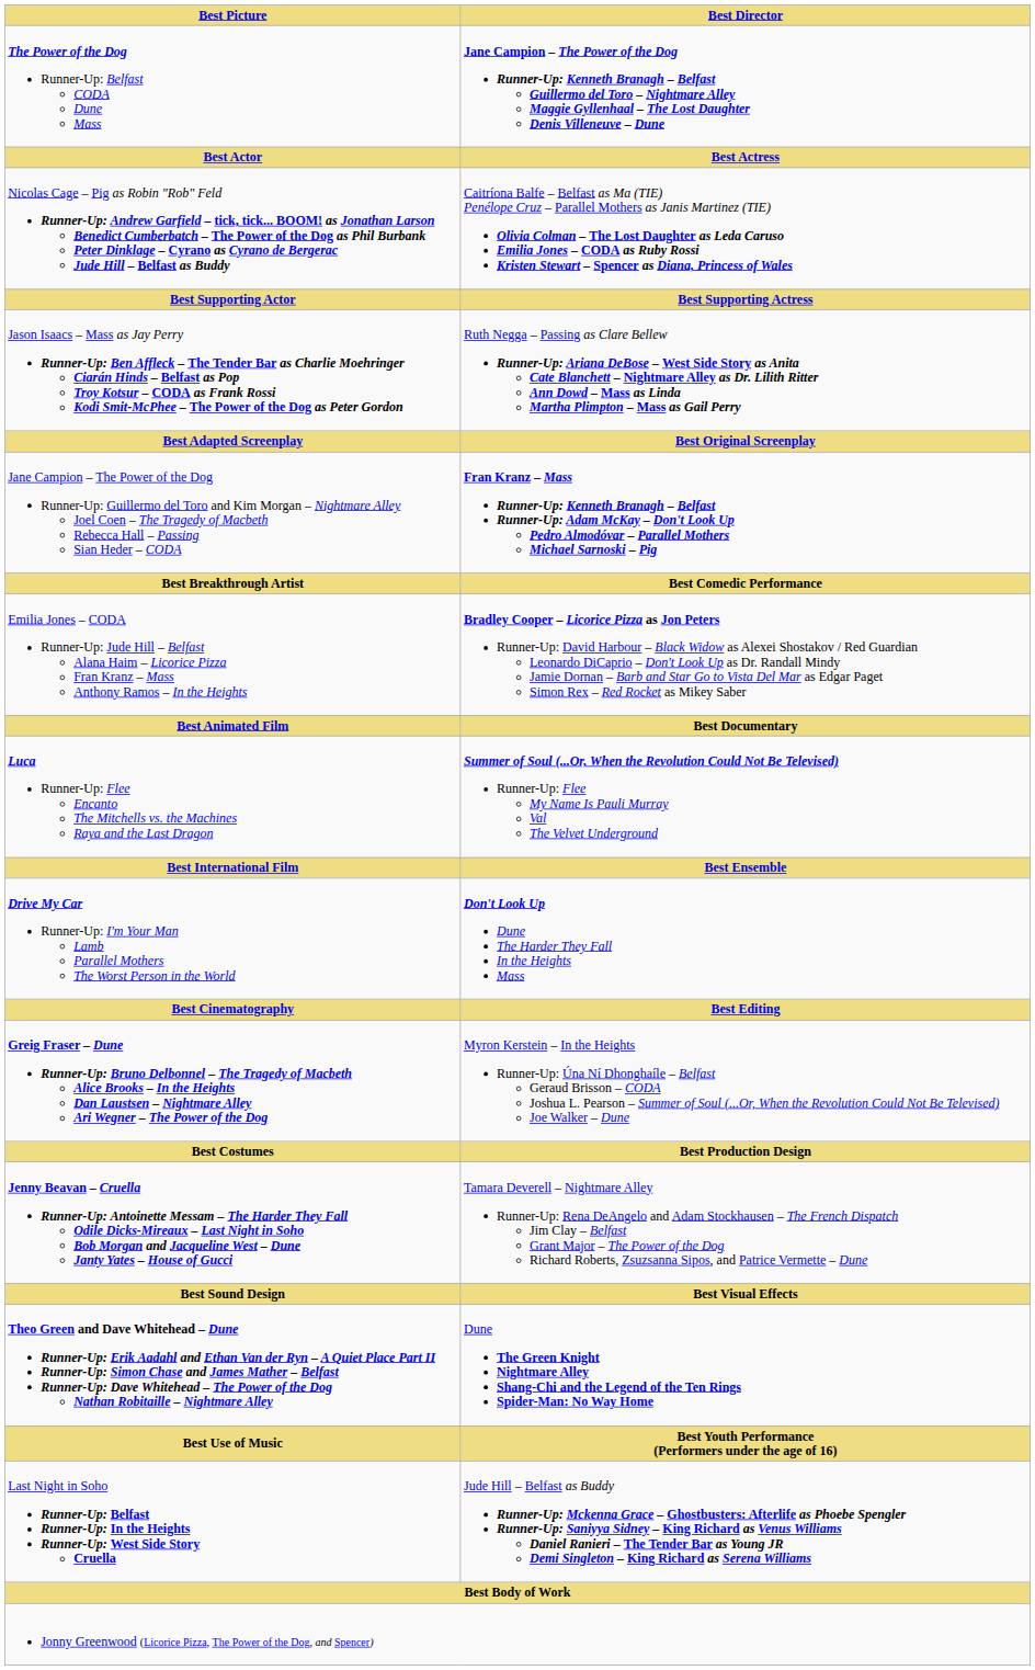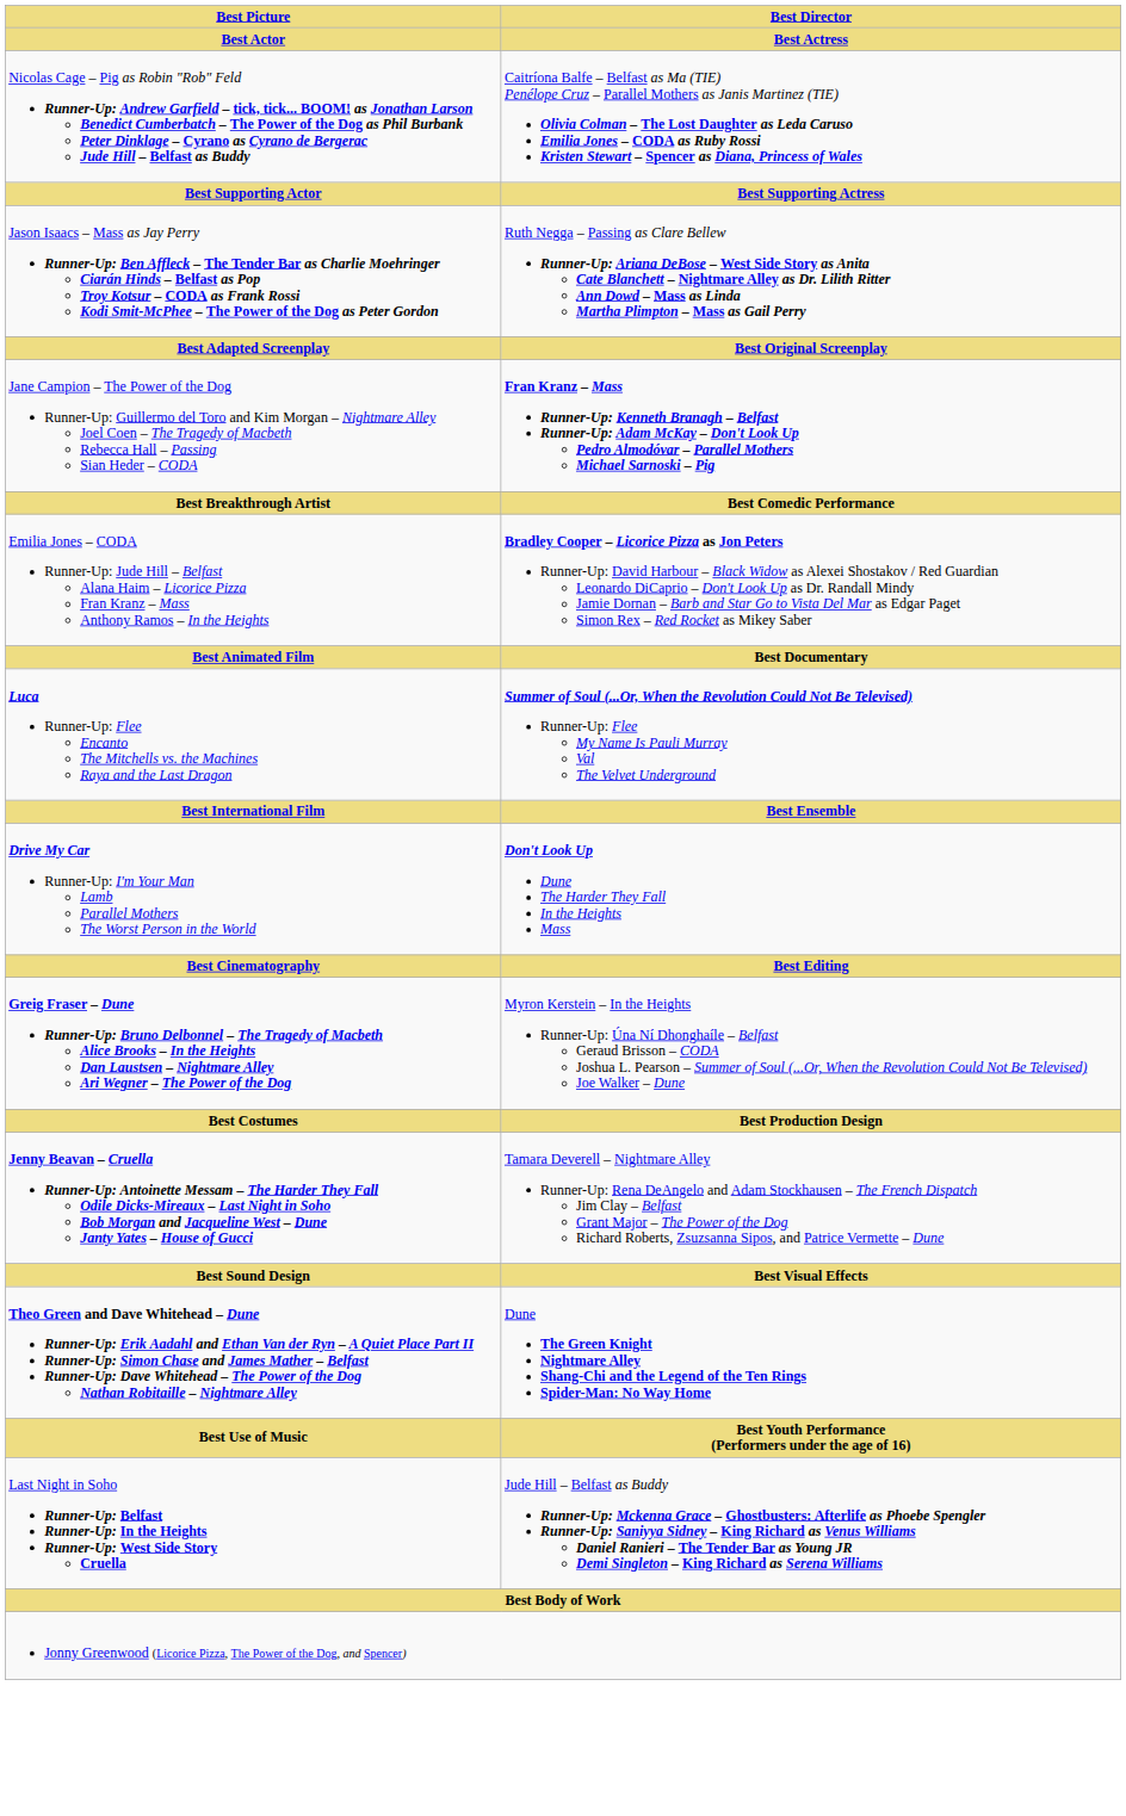 <table class=wikitable style="width=100%">
 <tr>
 <th style="background:#EEDD82; width=50%"><a href='#'>Best Picture</a></th>
 <th style="background:#EEDD82; width=50%"><a href='#'>Best Director</a></th>
-</tr>
-<tr>
-<td valign="top"><br><strong><em><a href='#'>The Power of the Dog</a></em></strong><ul><li>Runner-Up: <em><a href='#'>Belfast</a></em><ul><li><em><a href='#'>CODA</a></em></li><li><em><a href='#'>Dune</a></em></li><li><em><a href='#'>Mass</a></em></li></ul></li></ul></td>
-<td valign="top"><br><strong><a href='#'>Jane Campion</a> – <em><a href='#'>The Power of the Dog</a><strong><em><ul><li>Runner-Up: <a href='#'>Kenneth Branagh</a> – </em><a href='#'>Belfast</a><em><ul><li><a href='#'>Guillermo del Toro</a> – </em><a href='#'>Nightmare Alley</a><em></li><li><a href='#'>Maggie Gyllenhaal</a> – </em><a href='#'>The Lost Daughter</a><em></li><li><a href='#'>Denis Villeneuve</a> – </em><a href='#'>Dune</a><em></li></ul></li></ul></td>
 </tr>
 <tr>
 <th style="background:#EEDD82; width=50%"><a href='#'>Best Actor</a></th>
 <th style="background:#EEDD82; width=50%"><a href='#'>Best Actress</a></th>
 </tr>
 <tr>
 <td valign="top"><br></strong><a href='#'>Nicolas Cage</a> – </em><a href='#'>Pig</a><em> as Robin "Rob" Feld<strong><ul><li>Runner-Up: <a href='#'>Andrew Garfield</a> – </em><a href='#'>tick, tick... BOOM!</a><em> as <a href='#'>Jonathan Larson</a><ul><li><a href='#'>Benedict Cumberbatch</a> – </em><a href='#'>The Power of the Dog</a><em> as Phil Burbank</li><li><a href='#'>Peter Dinklage</a> – </em><a href='#'>Cyrano</a><em> as <a href='#'>Cyrano de Bergerac</a></li><li><a href='#'>Jude Hill</a> – </em><a href='#'>Belfast</a><em> as Buddy</li></ul></li></ul></td>
 <td valign="top"><br></strong><a href='#'>Caitríona Balfe</a> – </em><a href='#'>Belfast</a><em> as Ma (TIE)<strong><br> </strong><a href='#'>Penélope Cruz</a> – </em><a href='#'>Parallel Mothers</a><em> as Janis Martinez (TIE)<strong><ul><li><a href='#'>Olivia Colman</a> – </em><a href='#'>The Lost Daughter</a><em> as Leda Caruso</li><li><a href='#'>Emilia Jones</a> – </em><a href='#'>CODA</a><em> as Ruby Rossi</li><li><a href='#'>Kristen Stewart</a> – </em><a href='#'>Spencer</a><em> as <a href='#'>Diana, Princess of Wales</a></li></ul></td>
 </tr>
 <tr>
 <th style="background:#EEDD82; width=50%"><a href='#'>Best Supporting Actor</a></th>
 <th style="background:#EEDD82; width=50%"><a href='#'>Best Supporting Actress</a></th>
 </tr>
 <tr>
 <td valign="top"><br></strong><a href='#'>Jason Isaacs</a> – </em><a href='#'>Mass</a><em> as Jay Perry<strong><ul><li>Runner-Up: <a href='#'>Ben Affleck</a> – </em><a href='#'>The Tender Bar</a><em> as Charlie Moehringer<ul><li><a href='#'>Ciarán Hinds</a> – </em><a href='#'>Belfast</a><em> as Pop</li><li><a href='#'>Troy Kotsur</a> – </em><a href='#'>CODA</a><em> as Frank Rossi</li><li><a href='#'>Kodi Smit-McPhee</a> – </em><a href='#'>The Power of the Dog</a><em> as Peter Gordon</li></ul></li></ul></td>
 <td valign="top"><br></strong><a href='#'>Ruth Negga</a> – </em><a href='#'>Passing</a><em> as Clare Bellew<strong><ul><li>Runner-Up: <a href='#'>Ariana DeBose</a> – </em><a href='#'>West Side Story</a><em> as Anita<ul><li><a href='#'>Cate Blanchett</a> – </em><a href='#'>Nightmare Alley</a><em> as Dr. Lilith Ritter</li><li><a href='#'>Ann Dowd</a> – </em><a href='#'>Mass</a><em> as Linda</li><li><a href='#'>Martha Plimpton</a> – </em><a href='#'>Mass</a><em> as Gail Perry</li></ul></li></ul></td>
 </tr>
 <tr>
 <th style="background:#EEDD82; width=50%"><a href='#'>Best Adapted Screenplay</a></th>
 <th style="background:#EEDD82; width=50%"><a href='#'>Best Original Screenplay</a></th>
 </tr>
 <tr>
 <td valign="top"><br></strong><a href='#'>Jane Campion</a> – </em><a href='#'>The Power of the Dog</a></em></strong><ul><li>Runner-Up: <a href='#'>Guillermo del Toro</a> and Kim Morgan – <em><a href='#'>Nightmare Alley</a></em><ul><li><a href='#'>Joel Coen</a> – <em><a href='#'>The Tragedy of Macbeth</a></em></li><li><a href='#'>Rebecca Hall</a> – <em><a href='#'>Passing</a></em></li><li><a href='#'>Sian Heder</a> – <em><a href='#'>CODA</a></em></li></ul></li></ul></td>
 <td valign="top"><br><strong><a href='#'>Fran Kranz</a> – <em><a href='#'>Mass</a><strong><em><ul><li>Runner-Up: <a href='#'>Kenneth Branagh</a> – </em><a href='#'>Belfast</a><em></li><li>Runner-Up: <a href='#'>Adam McKay</a> – </em><a href='#'>Don't Look Up</a><em><ul><li><a href='#'>Pedro Almodóvar</a> – </em><a href='#'>Parallel Mothers</a><em></li><li><a href='#'>Michael Sarnoski</a> – </em><a href='#'>Pig</a><em></li></ul></li></ul></td>
 </tr>
 <tr>
 <th style="background:#EEDD82; width=50%">Best Breakthrough Artist</th>
 <th style="background:#EEDD82; width=50%">Best Comedic Performance</th>
 </tr>
 <tr>
 <td valign="top"><br></strong><a href='#'>Emilia Jones</a> – </em><a href='#'>CODA</a></em></strong><ul><li>Runner-Up: <a href='#'>Jude Hill</a> – <em><a href='#'>Belfast</a></em><ul><li><a href='#'>Alana Haim</a> – <em><a href='#'>Licorice Pizza</a></em></li><li><a href='#'>Fran Kranz</a> – <em><a href='#'>Mass</a></em></li><li><a href='#'>Anthony Ramos</a> – <em><a href='#'>In the Heights</a></em></li></ul></li></ul></td>
 <td valign="top"><br><strong><a href='#'>Bradley Cooper</a> – <em><a href='#'>Licorice Pizza</a></em> as <a href='#'>Jon Peters</a></strong><ul><li>Runner-Up: <a href='#'>David Harbour</a> – <em><a href='#'>Black Widow</a></em> as Alexei Shostakov / Red Guardian<ul><li><a href='#'>Leonardo DiCaprio</a> – <em><a href='#'>Don't Look Up</a></em> as Dr. Randall Mindy</li><li><a href='#'>Jamie Dornan</a> – <em><a href='#'>Barb and Star Go to Vista Del Mar</a></em> as Edgar Paget</li><li><a href='#'>Simon Rex</a> – <em><a href='#'>Red Rocket</a></em> as Mikey Saber</li></ul></li></ul></td>
 </tr>
 <tr>
 <th style="background:#EEDD82; width=50%"><a href='#'>Best Animated Film</a></th>
 <th style="background:#EEDD82; width=50%">Best Documentary</th>
 </tr>
 <tr>
 <td valign="top"><br><strong><em><a href='#'>Luca</a></em></strong><ul><li>Runner-Up: <em><a href='#'>Flee</a></em><ul><li><em><a href='#'>Encanto</a></em></li><li><em><a href='#'>The Mitchells vs. the Machines</a></em></li><li><em><a href='#'>Raya and the Last Dragon</a></em></li></ul></li></ul></td>
 <td valign="top"><br><strong><em><a href='#'>Summer of Soul (...Or, When the Revolution Could Not Be Televised)</a></em></strong><ul><li>Runner-Up: <em><a href='#'>Flee</a></em><ul><li><em><a href='#'>My Name Is Pauli Murray</a></em></li><li><em><a href='#'>Val</a></em></li><li><em><a href='#'>The Velvet Underground</a></em></li></ul></li></ul></td>
 </tr>
 <tr>
 <th style="background:#EEDD82; width=50%"><a href='#'>Best International Film</a></th>
 <th style="background:#EEDD82; width=50%"><a href='#'>Best Ensemble</a></th>
 </tr>
 <tr>
 <td valign="top"><br><strong><em><a href='#'>Drive My Car</a></em></strong><ul><li>Runner-Up: <em><a href='#'>I'm Your Man</a></em><ul><li><em><a href='#'>Lamb</a></em></li><li><em><a href='#'>Parallel Mothers</a></em></li><li><em><a href='#'>The Worst Person in the World</a></em></li></ul></li></ul></td>
 <td valign="top"><br><strong><em><a href='#'>Don't Look Up</a></em></strong><ul><li><em><a href='#'>Dune</a></em></li><li><em><a href='#'>The Harder They Fall</a></em></li><li><em><a href='#'>In the Heights</a></em></li><li><em><a href='#'>Mass</a></em></li></ul></td>
 </tr>
 <tr>
 <th style="background:#EEDD82; width=50%"><a href='#'>Best Cinematography</a></th>
 <th style="background:#EEDD82; width=50%"><a href='#'>Best Editing</a></th>
 </tr>
 <tr>
 <td valign="top"><br><strong><a href='#'>Greig Fraser</a> – <em><a href='#'>Dune</a><strong><em><ul><li>Runner-Up: <a href='#'>Bruno Delbonnel</a> – </em><a href='#'>The Tragedy of Macbeth</a><em><ul><li><a href='#'>Alice Brooks</a> – </em><a href='#'>In the Heights</a><em></li><li><a href='#'>Dan Laustsen</a> – </em><a href='#'>Nightmare Alley</a><em></li><li><a href='#'>Ari Wegner</a> – </em><a href='#'>The Power of the Dog</a><em></li></ul></li></ul></td>
 <td valign="top"><br></strong><a href='#'>Myron Kerstein</a> – </em><a href='#'>In the Heights</a></em></strong><ul><li>Runner-Up: <a href='#'>Úna Ní Dhonghaíle</a> – <em><a href='#'>Belfast</a></em><ul><li>Geraud Brisson – <em><a href='#'>CODA</a></em></li><li>Joshua L. Pearson – <em><a href='#'>Summer of Soul (...Or, When the Revolution Could Not Be Televised)</a></em></li><li><a href='#'>Joe Walker</a> – <em><a href='#'>Dune</a></em></li></ul></li></ul></td>
 </tr>
 <tr>
 <th style="background:#EEDD82; width=50%">Best Costumes</th>
 <th style="background:#EEDD82; width=50%">Best Production Design</th>
 </tr>
 <tr>
 <td valign="top"><br><strong><a href='#'>Jenny Beavan</a> – <em><a href='#'>Cruella</a><strong><em><ul><li>Runner-Up: Antoinette Messam – </em><a href='#'>The Harder They Fall</a><em><ul><li><a href='#'>Odile Dicks-Mireaux</a> – </em><a href='#'>Last Night in Soho</a><em></li><li><a href='#'>Bob Morgan</a> and <a href='#'>Jacqueline West</a> – </em><a href='#'>Dune</a><em></li><li><a href='#'>Janty Yates</a> – </em><a href='#'>House of Gucci</a><em></li></ul></li></ul></td>
 <td valign="top"><br></strong><a href='#'>Tamara Deverell</a> – </em><a href='#'>Nightmare Alley</a></em></strong><ul><li>Runner-Up: <a href='#'>Rena DeAngelo</a> and <a href='#'>Adam Stockhausen</a> – <em><a href='#'>The French Dispatch</a></em><ul><li>Jim Clay – <em><a href='#'>Belfast</a></em></li><li><a href='#'>Grant Major</a> – <em><a href='#'>The Power of the Dog</a></em></li><li>Richard Roberts, <a href='#'>Zsuzsanna Sipos</a>, and <a href='#'>Patrice Vermette</a> – <em><a href='#'>Dune</a></em></li></ul></li></ul></td>
 </tr>
 <tr>
 <th style="background:#EEDD82; width=50%">Best Sound Design</th>
 <th style="background:#EEDD82; width=50%">Best Visual Effects</th>
 </tr>
 <tr>
 <td valign="top"><br><strong><a href='#'>Theo Green</a> and Dave Whitehead – <em><a href='#'>Dune</a><strong><em><ul><li>Runner-Up: <a href='#'>Erik Aadahl</a> and <a href='#'>Ethan Van der Ryn</a> – </em><a href='#'>A Quiet Place Part II</a><em></li><li>Runner-Up: <a href='#'>Simon Chase</a> and <a href='#'>James Mather</a> – </em><a href='#'>Belfast</a><em></li><li>Runner-Up: Dave Whitehead – </em><a href='#'>The Power of the Dog</a><em><ul><li><a href='#'>Nathan Robitaille</a> – </em><a href='#'>Nightmare Alley</a><em></li></ul></li></ul></td>
 <td valign="top"><br></em></strong><a href='#'>Dune</a><strong><em><ul><li></em><a href='#'>The Green Knight</a><em></li><li></em><a href='#'>Nightmare Alley</a><em></li><li></em><a href='#'>Shang-Chi and the Legend of the Ten Rings</a><em></li><li></em><a href='#'>Spider-Man: No Way Home</a><em></li></ul></td>
 </tr>
 <tr>
 <th style="background:#EEDD82; width=50%">Best Use of Music</th>
 <th style="background:#EEDD82; width=50%">Best Youth Performance<br>(Performers under the age of 16)</th>
 </tr>
 <tr>
 <td valign="top"><br></em></strong><a href='#'>Last Night in Soho</a><strong><em><ul><li>Runner-Up: </em><a href='#'>Belfast</a><em></li><li>Runner-Up: </em><a href='#'>In the Heights</a><em></li><li>Runner-Up: </em><a href='#'>West Side Story</a><em><ul><li></em><a href='#'>Cruella</a><em></li></ul></li></ul></td>
 <td valign="top"><br></strong><a href='#'>Jude Hill</a> – </em><a href='#'>Belfast</a><em> as Buddy<strong><ul><li>Runner-Up: <a href='#'>Mckenna Grace</a> – </em><a href='#'>Ghostbusters: Afterlife</a><em> as Phoebe Spengler</li><li>Runner-Up: <a href='#'>Saniyya Sidney</a> – </em><a href='#'>King Richard</a><em> as <a href='#'>Venus Williams</a><ul><li>Daniel Ranieri – </em><a href='#'>The Tender Bar</a><em> as Young JR</li><li><a href='#'>Demi Singleton</a> – </em><a href='#'>King Richard</a><em> as <a href='#'>Serena Williams</a></li></ul></li></ul></td>
 </tr>
 <tr>
 <th style="background:#EEDD82; width:50%" colspan="2">Best Body of Work</th>
 </tr>
 <tr>
 <td style="vertical-align:top;" colspan="2"><br><ul><li></strong><a href='#'>Jonny Greenwood</a> <small>(</em><a href='#'>Licorice Pizza</a><em>, </em><a href='#'>The Power of the Dog</a><em>, and </em><a href='#'>Spencer</a><em>)</small><strong></li></ul></td>
 </tr>
 </table>
